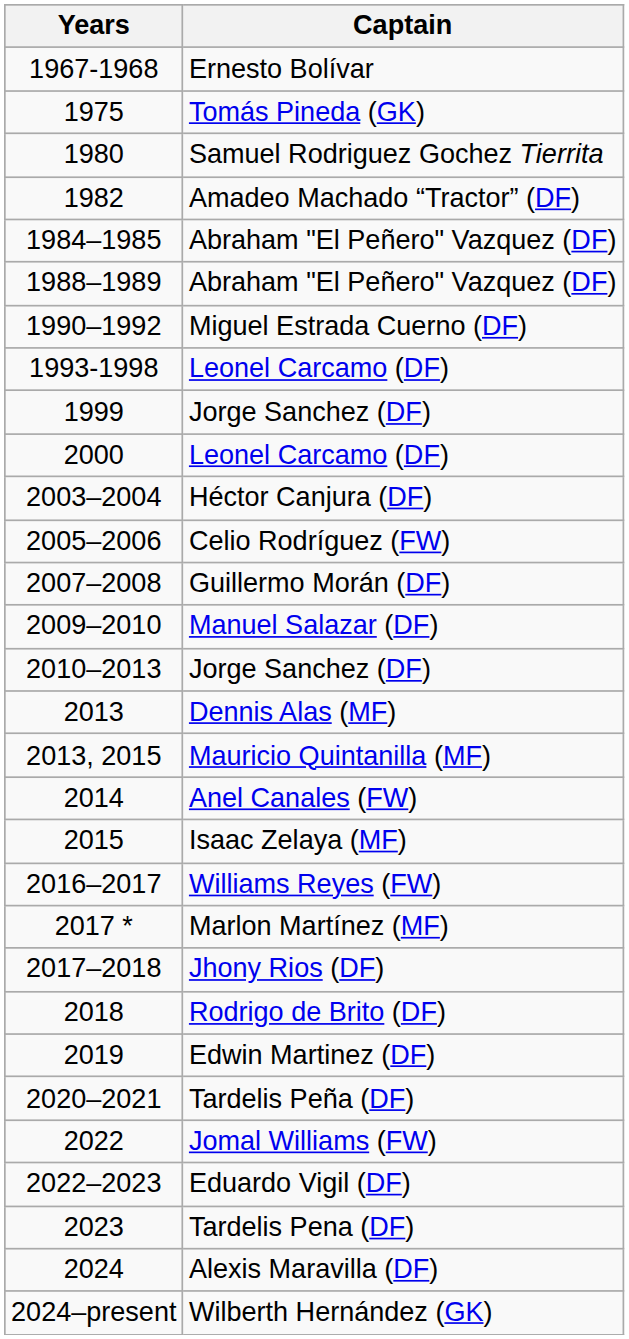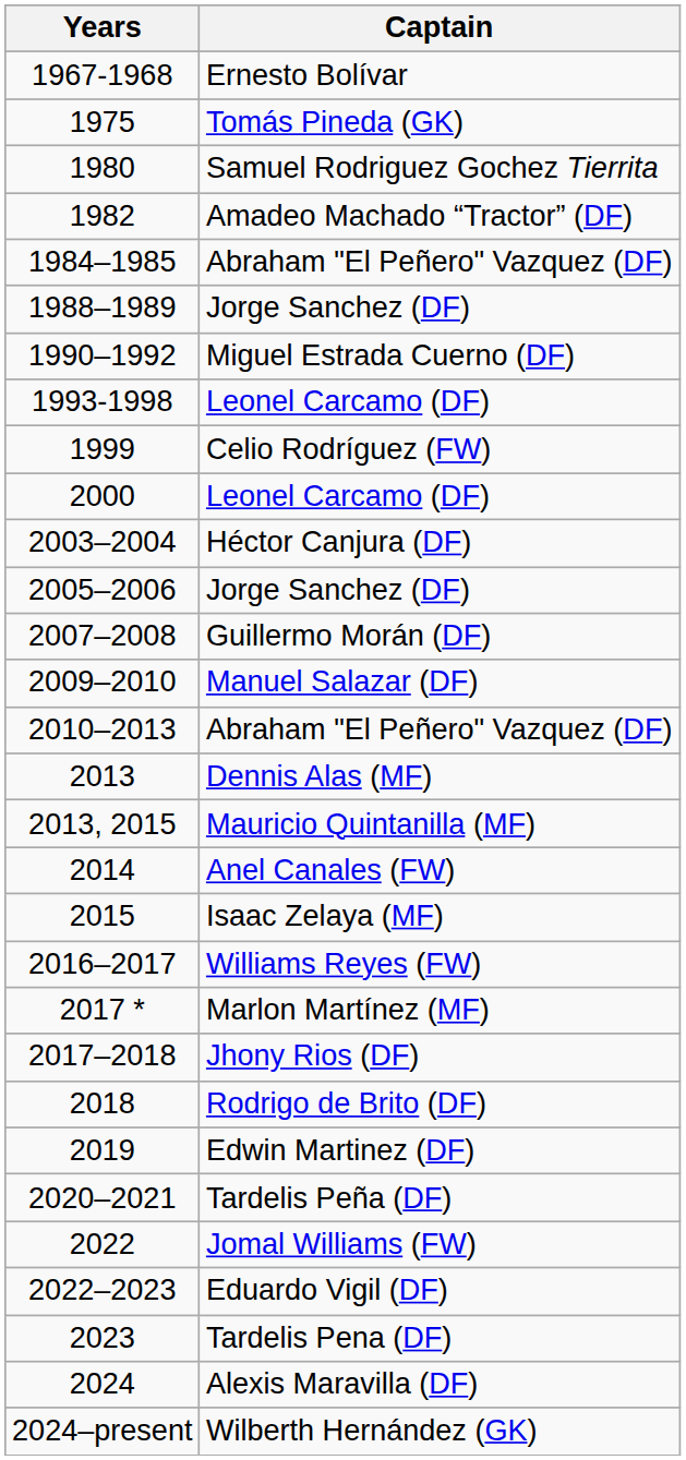 <table class="wikitable">
 <tr>
 <th>Years</th>
 <th>Captain</th>
 </tr>
 <tr>
 <td align=center>1967-1968</td>
 <td> Ernesto Bolívar</td>
 </tr>
 <tr>
 <td align=center>1975</td>
 <td> <a href='#'>Tomás Pineda</a> (<a href='#'>GK</a>)</td>
 </tr>
 <tr>
 <td align=center>1980</td>
 <td> Samuel Rodriguez Gochez <em>Tierrita</em></td>
 </tr>
 <tr>
 <td align=center>1982</td>
 <td> Amadeo Machado “Tractor” (<a href='#'>DF</a>)</td>
 </tr>
 <tr>
 <td align=center>1984–1985</td>
 <td> Abraham "El Peñero" Vazquez (<a href='#'>DF</a>)</td>
 </tr>
 <tr>
 <td align=center>1988–1989</td>
-<td> Abraham "El Peñero" Vazquez (<a href='#'>DF</a>)</td>
+<td> Jorge Sanchez (<a href='#'>DF</a>)</td>
 </tr>
 <tr>
 <td align=center>1990–1992</td>
 <td> Miguel Estrada Cuerno (<a href='#'>DF</a>)</td>
 </tr>
 <tr>
 <td align=center>1993-1998</td>
 <td> <a href='#'>Leonel Carcamo</a> (<a href='#'>DF</a>)</td>
 </tr>
 <tr>
 <td align=center>1999</td>
-<td> Jorge Sanchez (<a href='#'>DF</a>)</td>
+<td>  Celio Rodríguez (<a href='#'>FW</a>)</td>
 </tr>
 <tr>
 <td align=center>2000</td>
 <td> <a href='#'>Leonel Carcamo</a> (<a href='#'>DF</a>)</td>
 </tr>
 <tr>
 <td align=center>2003–2004</td>
 <td> Héctor Canjura (<a href='#'>DF</a>)</td>
 </tr>
 <tr>
 <td align=center>2005–2006</td>
-<td>  Celio Rodríguez (<a href='#'>FW</a>)</td>
+<td> Jorge Sanchez (<a href='#'>DF</a>)</td>
 </tr>
 <tr>
 <td align=center>2007–2008</td>
 <td> Guillermo Morán (<a href='#'>DF</a>)</td>
 </tr>
 <tr>
 <td align=center>2009–2010</td>
 <td> <a href='#'>Manuel Salazar</a> (<a href='#'>DF</a>)</td>
 </tr>
 <tr>
 <td align=center>2010–2013</td>
-<td> Jorge Sanchez (<a href='#'>DF</a>)</td>
+<td> Abraham "El Peñero" Vazquez (<a href='#'>DF</a>)</td>
 </tr>
 <tr>
 <td align=center>2013</td>
 <td> <a href='#'>Dennis Alas</a> (<a href='#'>MF</a>)</td>
 </tr>
 <tr>
 <td align=center>2013, 2015</td>
 <td> <a href='#'>Mauricio Quintanilla</a> (<a href='#'>MF</a>)</td>
 </tr>
 <tr>
 <td align=center>2014</td>
 <td> <a href='#'>Anel Canales</a> (<a href='#'>FW</a>)</td>
 </tr>
 <tr>
 <td align=center>2015</td>
 <td> Isaac Zelaya (<a href='#'>MF</a>)</td>
 </tr>
 <tr>
 <td align=center>2016–2017</td>
 <td>  <a href='#'>Williams Reyes</a> (<a href='#'>FW</a>)</td>
 </tr>
 <tr>
 <td align=center>2017 *</td>
 <td> Marlon Martínez (<a href='#'>MF</a>)</td>
 </tr>
 <tr>
 <td align=center>2017–2018</td>
 <td> <a href='#'>Jhony Rios</a> (<a href='#'>DF</a>)</td>
 </tr>
 <tr>
 <td align=center>2018</td>
 <td> <a href='#'>Rodrigo de Brito</a> (<a href='#'>DF</a>)</td>
 </tr>
 <tr>
 <td align=center>2019</td>
 <td> Edwin Martinez (<a href='#'>DF</a>)</td>
 </tr>
 <tr>
 <td align=center>2020–2021</td>
 <td> Tardelis Peña (<a href='#'>DF</a>)</td>
 </tr>
 <tr>
 <td align=center>2022</td>
 <td> <a href='#'>Jomal Williams</a> (<a href='#'>FW</a>)</td>
 </tr>
 <tr>
 <td align=center>2022–2023</td>
 <td> Eduardo Vigil (<a href='#'>DF</a>)</td>
 </tr>
 <tr>
 <td align=center>2023</td>
 <td> Tardelis Pena (<a href='#'>DF</a>)</td>
 </tr>
 <tr>
 <td align=center>2024</td>
 <td> Alexis Maravilla (<a href='#'>DF</a>)</td>
 </tr>
 <tr>
 <td align=center>2024–present</td>
 <td> Wilberth Hernández (<a href='#'>GK</a>)</td>
 </tr>
 </table>
